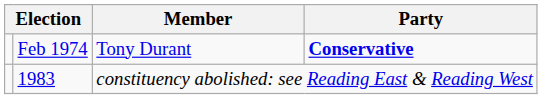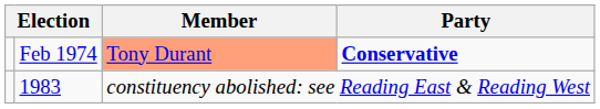 <table class="wikitable">
 <tr>
 <th colspan="2">Election</th>
 <th>Member</th>
 <th>Party</th>
 </tr>
 <tr>
 <td style="color:inherit;background-color: "></td>
 <td><a href='#'>Feb 1974</a></td>
-<td><a href='#'>Tony Durant</a></td>
+<td style="background: lightsalmon;"><a href='#'>Tony Durant</a></td>
 <td><strong><a href='#'>Conservative</a></strong></td>
 </tr>
 <tr>
 <td></td>
 <td><a href='#'>1983</a></td>
 <td colspan="2"><em>constituency abolished: see <a href='#'>Reading East</a> & <a href='#'>Reading West</a></em></td>
 </tr>
 </table>
